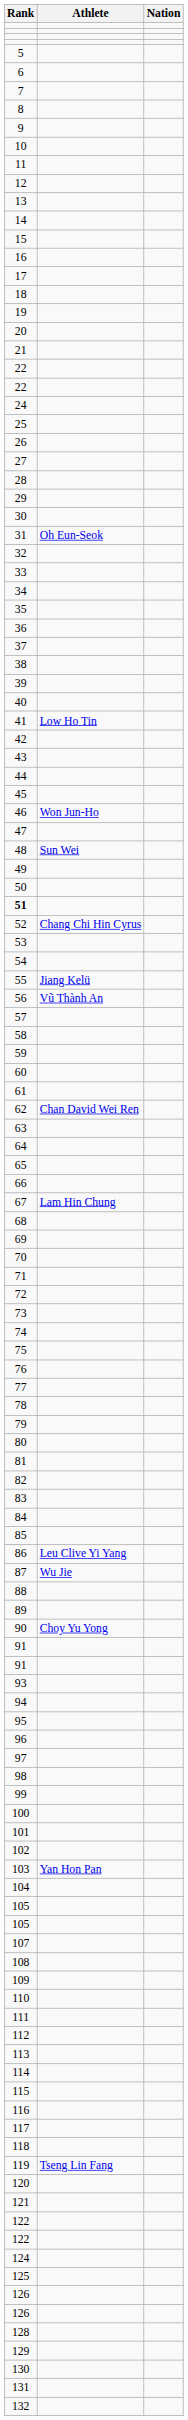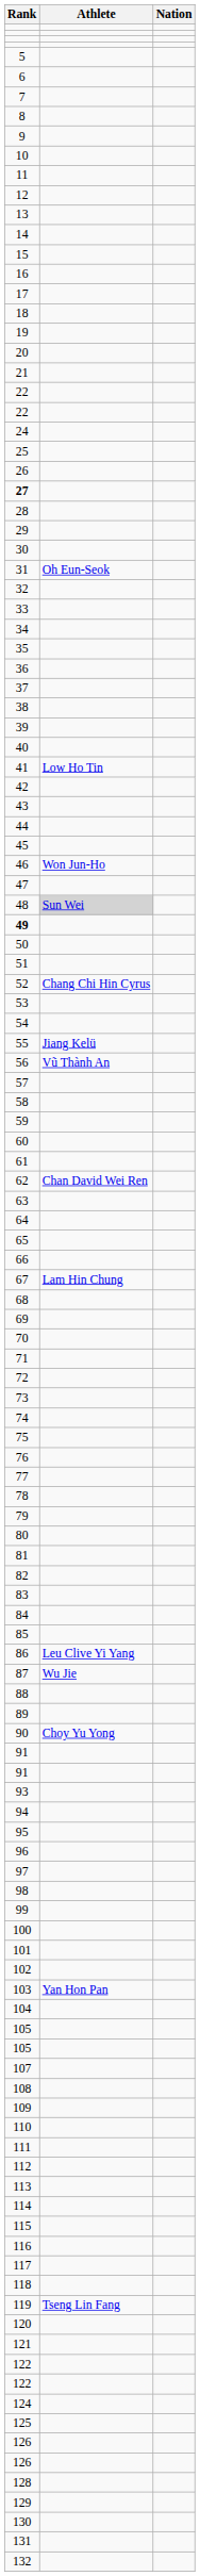 <table class="wikitable sortable" style="text-align:left">
 <tr>
 <th>Rank</th>
 <th>Athlete</th>
 <th>Nation</th>
 </tr>
 <tr>
 <td align="center"></td>
 <td></td>
 <td></td>
 </tr>
 <tr>
 <td align="center"></td>
 <td></td>
 <td></td>
 </tr>
 <tr>
 <td align="center"></td>
 <td></td>
 <td></td>
 </tr>
 <tr>
 <td align="center"></td>
 <td></td>
 <td></td>
 </tr>
 <tr>
 <td align="center">5</td>
 <td></td>
 <td></td>
 </tr>
 <tr>
 <td align="center">6</td>
 <td></td>
 <td></td>
 </tr>
 <tr>
 <td align="center">7</td>
 <td></td>
 <td></td>
 </tr>
 <tr>
 <td align="center">8</td>
 <td></td>
 <td></td>
 </tr>
 <tr>
 <td align="center">9</td>
 <td></td>
 <td></td>
 </tr>
 <tr>
 <td align="center">10</td>
 <td></td>
 <td></td>
 </tr>
 <tr>
 <td align="center">11</td>
 <td></td>
 <td></td>
 </tr>
 <tr>
 <td align="center">12</td>
 <td></td>
 <td></td>
 </tr>
 <tr>
 <td align="center">13</td>
 <td></td>
 <td></td>
 </tr>
 <tr>
 <td align="center">14</td>
 <td></td>
 <td></td>
 </tr>
 <tr>
 <td align="center">15</td>
 <td></td>
 <td></td>
 </tr>
 <tr>
 <td align="center">16</td>
 <td></td>
 <td></td>
 </tr>
 <tr>
 <td align="center">17</td>
 <td></td>
 <td></td>
 </tr>
 <tr>
 <td align="center">18</td>
 <td></td>
 <td></td>
 </tr>
 <tr>
 <td align="center">19</td>
 <td></td>
 <td></td>
 </tr>
 <tr>
 <td align="center">20</td>
 <td></td>
 <td></td>
 </tr>
 <tr>
 <td align="center">21</td>
 <td></td>
 <td></td>
 </tr>
 <tr>
 <td align="center">22</td>
 <td></td>
 <td></td>
 </tr>
 <tr>
 <td align="center">22</td>
 <td></td>
 <td></td>
 </tr>
 <tr>
 <td align="center">24</td>
 <td></td>
 <td></td>
 </tr>
 <tr>
 <td align="center">25</td>
 <td></td>
 <td></td>
 </tr>
 <tr>
 <td align="center">26</td>
 <td></td>
 <td></td>
 </tr>
 <tr>
-<td align="center">27</td>
+<td align="center"><strong>27</strong></td>
 <td></td>
 <td></td>
 </tr>
 <tr>
 <td align="center">28</td>
 <td></td>
 <td></td>
 </tr>
 <tr>
 <td align="center">29</td>
 <td></td>
 <td></td>
 </tr>
 <tr>
 <td align="center">30</td>
 <td></td>
 <td></td>
 </tr>
 <tr>
 <td align="center">31</td>
 <td><a href='#'>Oh Eun-Seok</a></td>
 <td></td>
 </tr>
 <tr>
 <td align="center">32</td>
 <td></td>
 <td></td>
 </tr>
 <tr>
 <td align="center">33</td>
 <td></td>
 <td></td>
 </tr>
 <tr>
 <td align="center">34</td>
 <td></td>
 <td></td>
 </tr>
 <tr>
 <td align="center">35</td>
 <td></td>
 <td></td>
 </tr>
 <tr>
 <td align="center">36</td>
 <td></td>
 <td></td>
 </tr>
 <tr>
 <td align="center">37</td>
 <td></td>
 <td></td>
 </tr>
 <tr>
 <td align="center">38</td>
 <td></td>
 <td></td>
 </tr>
 <tr>
 <td align="center">39</td>
 <td></td>
 <td></td>
 </tr>
 <tr>
 <td align="center">40</td>
 <td></td>
 <td></td>
 </tr>
 <tr>
 <td align="center">41</td>
 <td><a href='#'>Low Ho Tin</a></td>
 <td></td>
 </tr>
 <tr>
 <td align="center">42</td>
 <td></td>
 <td></td>
 </tr>
 <tr>
 <td align="center">43</td>
 <td></td>
 <td></td>
 </tr>
 <tr>
 <td align="center">44</td>
 <td></td>
 <td></td>
 </tr>
 <tr>
 <td align="center">45</td>
 <td></td>
 <td></td>
 </tr>
 <tr>
 <td align="center">46</td>
 <td><a href='#'>Won Jun-Ho</a></td>
 <td></td>
 </tr>
 <tr>
 <td align="center">47</td>
 <td></td>
 <td></td>
 </tr>
 <tr>
 <td align="center">48</td>
-<td><a href='#'>Sun Wei</a></td>
+<td style="background: lightgrey;"><a href='#'>Sun Wei</a></td>
 <td></td>
 </tr>
 <tr>
-<td align="center">49</td>
+<td align="center"><strong>49</strong></td>
 <td></td>
 <td></td>
 </tr>
 <tr>
 <td align="center">50</td>
 <td></td>
 <td></td>
 </tr>
 <tr>
-<td align="center"><strong>51</strong></td>
+<td align="center">51</td>
 <td></td>
 <td></td>
 </tr>
 <tr>
 <td align="center">52</td>
 <td><a href='#'>Chang Chi Hin Cyrus</a></td>
 <td></td>
 </tr>
 <tr>
 <td align="center">53</td>
 <td></td>
 <td></td>
 </tr>
 <tr>
 <td align="center">54</td>
 <td></td>
 <td></td>
 </tr>
 <tr>
 <td align="center">55</td>
 <td><a href='#'>Jiang Kelü</a></td>
 <td></td>
 </tr>
 <tr>
 <td align="center">56</td>
 <td><a href='#'>Vũ Thành An</a></td>
 <td></td>
 </tr>
 <tr>
 <td align="center">57</td>
 <td></td>
 <td></td>
 </tr>
 <tr>
 <td align="center">58</td>
 <td></td>
 <td></td>
 </tr>
 <tr>
 <td align="center">59</td>
 <td></td>
 <td></td>
 </tr>
 <tr>
 <td align="center">60</td>
 <td></td>
 <td></td>
 </tr>
 <tr>
 <td align="center">61</td>
 <td></td>
 <td></td>
 </tr>
 <tr>
 <td align="center">62</td>
 <td><a href='#'>Chan David Wei Ren</a></td>
 <td></td>
 </tr>
 <tr>
 <td align="center">63</td>
 <td></td>
 <td></td>
 </tr>
 <tr>
 <td align="center">64</td>
 <td></td>
 <td></td>
 </tr>
 <tr>
 <td align="center">65</td>
 <td></td>
 <td></td>
 </tr>
 <tr>
 <td align="center">66</td>
 <td></td>
 <td></td>
 </tr>
 <tr>
 <td align="center">67</td>
 <td><a href='#'>Lam Hin Chung</a></td>
 <td></td>
 </tr>
 <tr>
 <td align="center">68</td>
 <td></td>
 <td></td>
 </tr>
 <tr>
 <td align="center">69</td>
 <td></td>
 <td></td>
 </tr>
 <tr>
 <td align="center">70</td>
 <td></td>
 <td></td>
 </tr>
 <tr>
 <td align="center">71</td>
 <td></td>
 <td></td>
 </tr>
 <tr>
 <td align="center">72</td>
 <td></td>
 <td></td>
 </tr>
 <tr>
 <td align="center">73</td>
 <td></td>
 <td></td>
 </tr>
 <tr>
 <td align="center">74</td>
 <td></td>
 <td></td>
 </tr>
 <tr>
 <td align="center">75</td>
 <td></td>
 <td></td>
 </tr>
 <tr>
 <td align="center">76</td>
 <td></td>
 <td></td>
 </tr>
 <tr>
 <td align="center">77</td>
 <td></td>
 <td></td>
 </tr>
 <tr>
 <td align="center">78</td>
 <td></td>
 <td></td>
 </tr>
 <tr>
 <td align="center">79</td>
 <td></td>
 <td></td>
 </tr>
 <tr>
 <td align="center">80</td>
 <td></td>
 <td></td>
 </tr>
 <tr>
 <td align="center">81</td>
 <td></td>
 <td></td>
 </tr>
 <tr>
 <td align="center">82</td>
 <td></td>
 <td></td>
 </tr>
 <tr>
 <td align="center">83</td>
 <td></td>
 <td></td>
 </tr>
 <tr>
 <td align="center">84</td>
 <td></td>
 <td></td>
 </tr>
 <tr>
 <td align="center">85</td>
 <td></td>
 <td></td>
 </tr>
 <tr>
 <td align="center">86</td>
 <td><a href='#'>Leu Clive Yi Yang</a></td>
 <td></td>
 </tr>
 <tr>
 <td align="center">87</td>
 <td><a href='#'>Wu Jie</a></td>
 <td></td>
 </tr>
 <tr>
 <td align="center">88</td>
 <td></td>
 <td></td>
 </tr>
 <tr>
 <td align="center">89</td>
 <td></td>
 <td></td>
 </tr>
 <tr>
 <td align="center">90</td>
 <td><a href='#'>Choy Yu Yong</a></td>
 <td></td>
 </tr>
 <tr>
 <td align="center">91</td>
 <td></td>
 <td></td>
 </tr>
 <tr>
 <td align="center">91</td>
 <td></td>
 <td></td>
 </tr>
 <tr>
 <td align="center">93</td>
 <td></td>
 <td></td>
 </tr>
 <tr>
 <td align="center">94</td>
 <td></td>
 <td></td>
 </tr>
 <tr>
 <td align="center">95</td>
 <td></td>
 <td></td>
 </tr>
 <tr>
 <td align="center">96</td>
 <td></td>
 <td></td>
 </tr>
 <tr>
 <td align="center">97</td>
 <td></td>
 <td></td>
 </tr>
 <tr>
 <td align="center">98</td>
 <td></td>
 <td></td>
 </tr>
 <tr>
 <td align="center">99</td>
 <td></td>
 <td></td>
 </tr>
 <tr>
 <td align="center">100</td>
 <td></td>
 <td></td>
 </tr>
 <tr>
 <td align="center">101</td>
 <td></td>
 <td></td>
 </tr>
 <tr>
 <td align="center">102</td>
 <td></td>
 <td></td>
 </tr>
 <tr>
 <td align="center">103</td>
 <td><a href='#'>Yan Hon Pan</a></td>
 <td></td>
 </tr>
 <tr>
 <td align="center">104</td>
 <td></td>
 <td></td>
 </tr>
 <tr>
 <td align="center">105</td>
 <td></td>
 <td></td>
 </tr>
 <tr>
 <td align="center">105</td>
 <td></td>
 <td></td>
 </tr>
 <tr>
 <td align="center">107</td>
 <td></td>
 <td></td>
 </tr>
 <tr>
 <td align="center">108</td>
 <td></td>
 <td></td>
 </tr>
 <tr>
 <td align="center">109</td>
 <td></td>
 <td></td>
 </tr>
 <tr>
 <td align="center">110</td>
 <td></td>
 <td></td>
 </tr>
 <tr>
 <td align="center">111</td>
 <td></td>
 <td></td>
 </tr>
 <tr>
 <td align="center">112</td>
 <td></td>
 <td></td>
 </tr>
 <tr>
 <td align="center">113</td>
 <td></td>
 <td></td>
 </tr>
 <tr>
 <td align="center">114</td>
 <td></td>
 <td></td>
 </tr>
 <tr>
 <td align="center">115</td>
 <td></td>
 <td></td>
 </tr>
 <tr>
 <td align="center">116</td>
 <td></td>
 <td></td>
 </tr>
 <tr>
 <td align="center">117</td>
 <td></td>
 <td></td>
 </tr>
 <tr>
 <td align="center">118</td>
 <td></td>
 <td></td>
 </tr>
 <tr>
 <td align="center">119</td>
 <td><a href='#'>Tseng Lin Fang</a></td>
 <td></td>
 </tr>
 <tr>
 <td align="center">120</td>
 <td></td>
 <td></td>
 </tr>
 <tr>
 <td align="center">121</td>
 <td></td>
 <td></td>
 </tr>
 <tr>
 <td align="center">122</td>
 <td></td>
 <td></td>
 </tr>
 <tr>
 <td align="center">122</td>
 <td></td>
 <td></td>
 </tr>
 <tr>
 <td align="center">124</td>
 <td></td>
 <td></td>
 </tr>
 <tr>
 <td align="center">125</td>
 <td></td>
 <td></td>
 </tr>
 <tr>
 <td align="center">126</td>
 <td></td>
 <td></td>
 </tr>
 <tr>
 <td align="center">126</td>
 <td></td>
 <td></td>
 </tr>
 <tr>
 <td align="center">128</td>
 <td></td>
 <td></td>
 </tr>
 <tr>
 <td align="center">129</td>
 <td></td>
 <td></td>
 </tr>
 <tr>
 <td align="center">130</td>
 <td></td>
 <td></td>
 </tr>
 <tr>
 <td align="center">131</td>
 <td></td>
 <td></td>
 </tr>
 <tr>
 <td align="center">132</td>
 <td></td>
 <td></td>
 </tr>
 </table>
